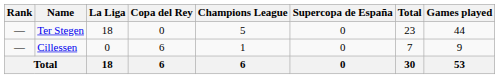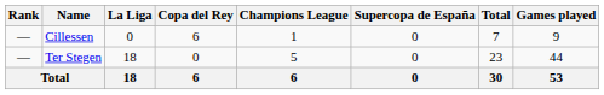 <table class="wikitable" style="text-align: center;">
 <tr>
 <th>Rank</th>
 <th>Name</th>
 <th>La Liga</th>
 <th>Copa del Rey</th>
 <th>Champions League</th>
 <th>Supercopa de España</th>
 <th>Total</th>
 <th>Games played</th>
 </tr>
 <tr>
 <td>—</td>
+<td align=left> <a href='#'>Cillessen</a></td>
+<td>0</td>
+<td>6</td>
+<td>1</td>
+<td>0</td>
+<td>7</td>
+<td>9</td>
+</tr>
+<tr>
+<td>—</td>
 <td align=left> <a href='#'>Ter Stegen</a></td>
 <td>18</td>
 <td>0</td>
 <td>5</td>
 <td>0</td>
 <td>23</td>
 <td>44</td>
-</tr>
-<tr>
-<td>—</td>
-<td align=left> <a href='#'>Cillessen</a></td>
-<td>0</td>
-<td>6</td>
-<td>1</td>
-<td>0</td>
-<td>7</td>
-<td>9</td>
 </tr>
 <tr>
 <th colspan=2>Total</th>
 <th>18</th>
 <th>6</th>
 <th>6</th>
 <th>0</th>
 <th>30</th>
 <th>53</th>
 </tr>
 </table>
